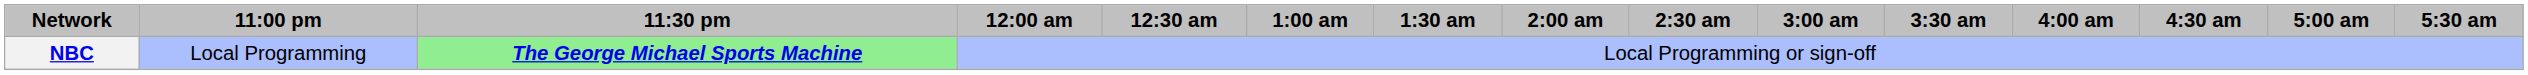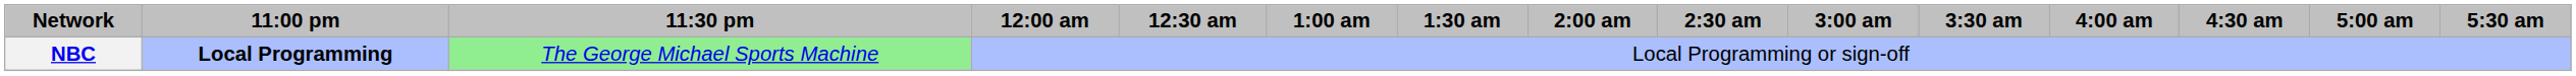 <table class="wikitable" style="width:100%;margin-right:0;text-align:center">
 <tr>
 <th style="background-color:#C0C0C0;text-align:center" colspan="2">Network</th>
 <th style="background-color:#C0C0C0;text-align:center">11:00 pm</th>
 <th style="background-color:#C0C0C0;text-align:center">11:30 pm</th>
 <th style="background-color:#C0C0C0;text-align:center">12:00 am</th>
 <th style="background-color:#C0C0C0;text-align:center">12:30 am</th>
 <th style="background-color:#C0C0C0;text-align:center">1:00 am</th>
 <th style="background-color:#C0C0C0;text-align:center">1:30 am</th>
 <th style="background-color:#C0C0C0;text-align:center">2:00 am</th>
 <th style="background-color:#C0C0C0;text-align:center">2:30 am</th>
 <th style="background-color:#C0C0C0;text-align:center">3:00 am</th>
 <th style="background-color:#C0C0C0;text-align:center">3:30 am</th>
 <th style="background-color:#C0C0C0;text-align:center">4:00 am</th>
 <th style="background-color:#C0C0C0;text-align:center">4:30 am</th>
 <th style="background-color:#C0C0C0;text-align:center">5:00 am</th>
 <th style="background-color:#C0C0C0;text-align:center">5:30 am</th>
 </tr>
 <tr>
 <th colspan="2"><a href='#'>NBC</a></th>
-<td style="background:#abbfff">Local Programming</td>
-<td colspan="1" style="background:lightgreen"><strong><em><a href='#'>The George Michael Sports Machine</a></em></strong></td>
+<td style="background:#abbfff"><strong>Local Programming</strong></td>
+<td colspan="1" style="background:lightgreen"><em><a href='#'>The George Michael Sports Machine</a></em></td>
 <td colspan="12" style="background:#abbfff">Local Programming or sign-off</td>
 </tr>
 <tr>
 </tr>
 </table>
